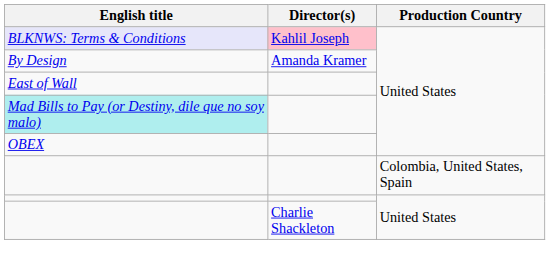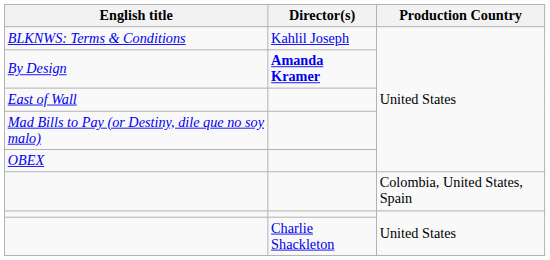 <table class="wikitable plainrowheaders" style="margin-bottom:4px">
 <tr>
 <th scope="col">English title</th>
 <th scope="col">Director(s)</th>
 <th scope="col">Production Country</th>
 </tr>
 <tr>
-<td scope="row" style="background: lavender;"><em><a href='#'>BLKNWS: Terms & Conditions</a></em></td>
-<td style="background: pink;"><a href='#'>Kahlil Joseph</a></td>
+<td scope="row"><em><a href='#'>BLKNWS: Terms & Conditions</a></em></td>
+<td><a href='#'>Kahlil Joseph</a></td>
 <td rowspan="5">United States</td>
 </tr>
 <tr>
 <td scope="row"><em><a href='#'>By Design</a></em></td>
-<td><a href='#'>Amanda Kramer</a></td>
+<td><strong><a href='#'>Amanda Kramer</a></strong></td>
 </tr>
 <tr>
 <td scope="row"><em><a href='#'>East of Wall</a></em></td>
 <td></td>
 </tr>
 <tr>
-<td scope="row" style="background: paleturquoise;"><em><a href='#'>Mad Bills to Pay (or Destiny, dile que no soy malo)</a></em></td>
+<td scope="row"><em><a href='#'>Mad Bills to Pay (or Destiny, dile que no soy malo)</a></em></td>
 <td></td>
 </tr>
 <tr>
 <td scope="row"><em><a href='#'>OBEX</a></em></td>
 <td></td>
 </tr>
 <tr>
 <td scope="row"></td>
 <td></td>
 <td>Colombia, United States, Spain</td>
 </tr>
 <tr>
 <td></td>
 <td></td>
 <td rowspan="2">United States</td>
 </tr>
 <tr>
 <td></td>
 <td><a href='#'>Charlie Shackleton</a></td>
 </tr>
 </table>
